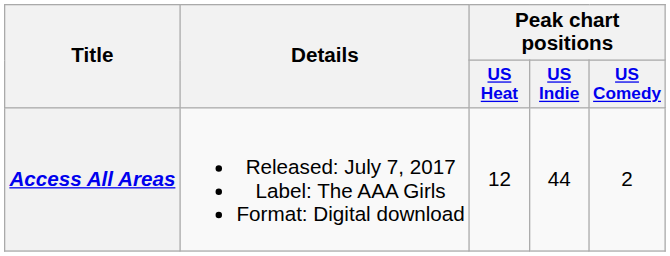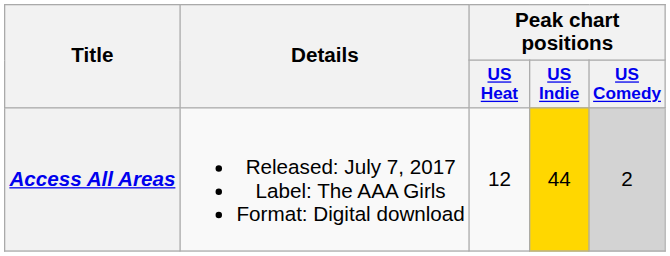 <table class="wikitable plainrowheaders" style="text-align:center;">
 <tr>
 <th rowspan="2">Title</th>
 <th rowspan="2">Details</th>
 <th colspan="3">Peak chart positions</th>
 </tr>
 <tr style="font-size:smaller;">
 <th width="40"><a href='#'>US<br>Heat</a><br></th>
 <th width="40"><a href='#'>US<br>Indie</a><br></th>
 <th width="40"><a href='#'>US<br>Comedy</a><br></th>
 </tr>
 <tr>
 <th scope="row"><em><a href='#'>Access All Areas</a></em></th>
 <td><br><ul><li>Released: July 7, 2017</li><li>Label: The AAA Girls</li><li>Format: Digital download</li></ul></td>
 <td>12</td>
-<td>44</td>
-<td>2</td>
+<td style="background: gold;">44</td>
+<td style="background: lightgrey;">2</td>
 </tr>
 </table>
